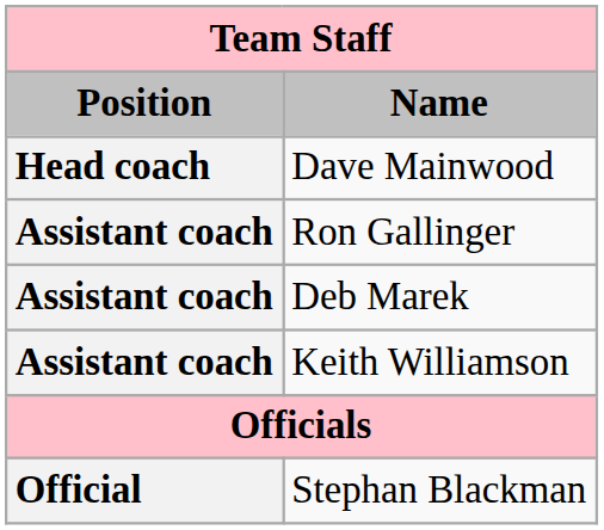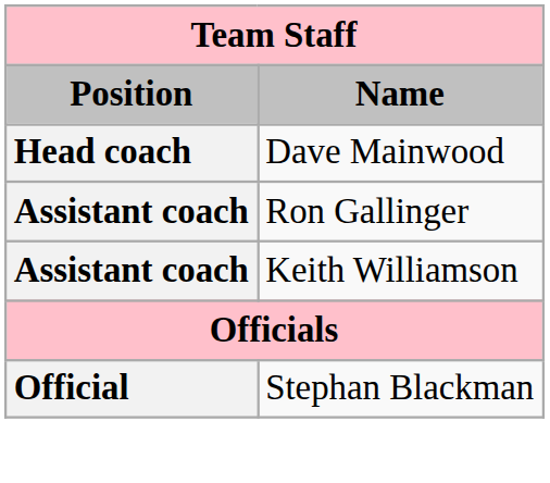 <table class="wikitable" style="text-align:left; font-size:90%;">
 <tr>
 <th style=background:pink colspan=2>Team Staff</th>
 </tr>
 <tr>
 <th style="background:silver;">Position</th>
 <th style="background:silver;">Name</th>
 </tr>
 <tr>
 <th style="text-align:left;">Head coach</th>
 <td>Dave Mainwood</td>
 </tr>
 <tr>
 <th style="text-align:left;">Assistant coach</th>
 <td>Ron Gallinger</td>
 </tr>
 <tr>
 <th style="text-align:left;">Assistant coach</th>
-<td>Deb Marek</td>
-</tr>
-<tr>
-<th style="text-align:left;">Assistant coach</th>
 <td>Keith Williamson</td>
 </tr>
 <tr>
 <th style=background:pink colspan=2>Officials</th>
 </tr>
 <tr>
 <th style="text-align:left;">Official</th>
 <td>Stephan Blackman</td>
 </tr>
 </table>
